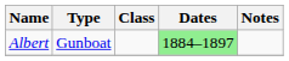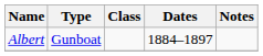 <table class="wikitable">
 <tr>
 <th>Name</th>
 <th>Type</th>
 <th>Class</th>
 <th>Dates</th>
 <th>Notes</th>
 </tr>
 <tr>
 <td><em><a href='#'>Albert</a></em></td>
 <td><a href='#'>Gunboat</a></td>
 <td> </td>
-<td style="background: lightgreen;">1884–1897</td>
+<td>1884–1897</td>
 <td> </td>
 </tr>
 <tr>
 </tr>
 </table>
